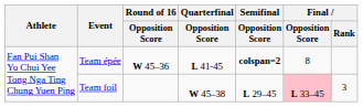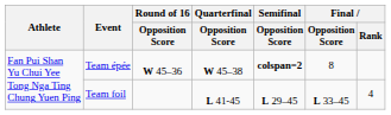 <table class="wikitable" style="text-align:center; font-size:90%">
 <tr>
 <th rowspan=2>Athlete</th>
 <th rowspan=2>Event</th>
 <th>Round of 16</th>
 <th>Quarterfinal</th>
 <th>Semifinal</th>
 <th colspan=2>Final / </th>
 </tr>
 <tr style="font-size:95%">
 <th>Opposition<br>Score</th>
 <th>Opposition<br>Score</th>
 <th>Opposition<br>Score</th>
 <th>Opposition<br>Score</th>
 <th>Rank</th>
 </tr>
 <tr style="text-align:center">
 <td style="text-align:left" rowspan=2><a href='#'>Fan Pui Shan</a><br><a href='#'>Yu Chui Yee</a><br><a href='#'>Tong Nga Ting</a><br><a href='#'>Chung Yuen Ping</a></td>
 <td style="text-align:left"><a href='#'>Team épée</a></td>
 <td> <br><strong>W</strong> 45–36</td>
-<td> <br><strong>L</strong> 41-45</td>
+<td> <br><strong>W</strong> 45–38</td>
 <td><strong>colspan=2 </strong></td>
 <td>8</td>
 </tr>
 <tr style="text-align:center">
 <td style="text-align:left"><a href='#'>Team foil</a></td>
 <td></td>
-<td> <br><strong>W</strong> 45–38</td>
+<td> <br><strong>L</strong> 41-45</td>
 <td> <br><strong>L</strong> 29–45</td>
-<td style="background: pink;"> <br><strong>L</strong> 33–45</td>
-<td>3</td>
+<td> <br><strong>L</strong> 33–45</td>
+<td>4</td>
 </tr>
 </table>
